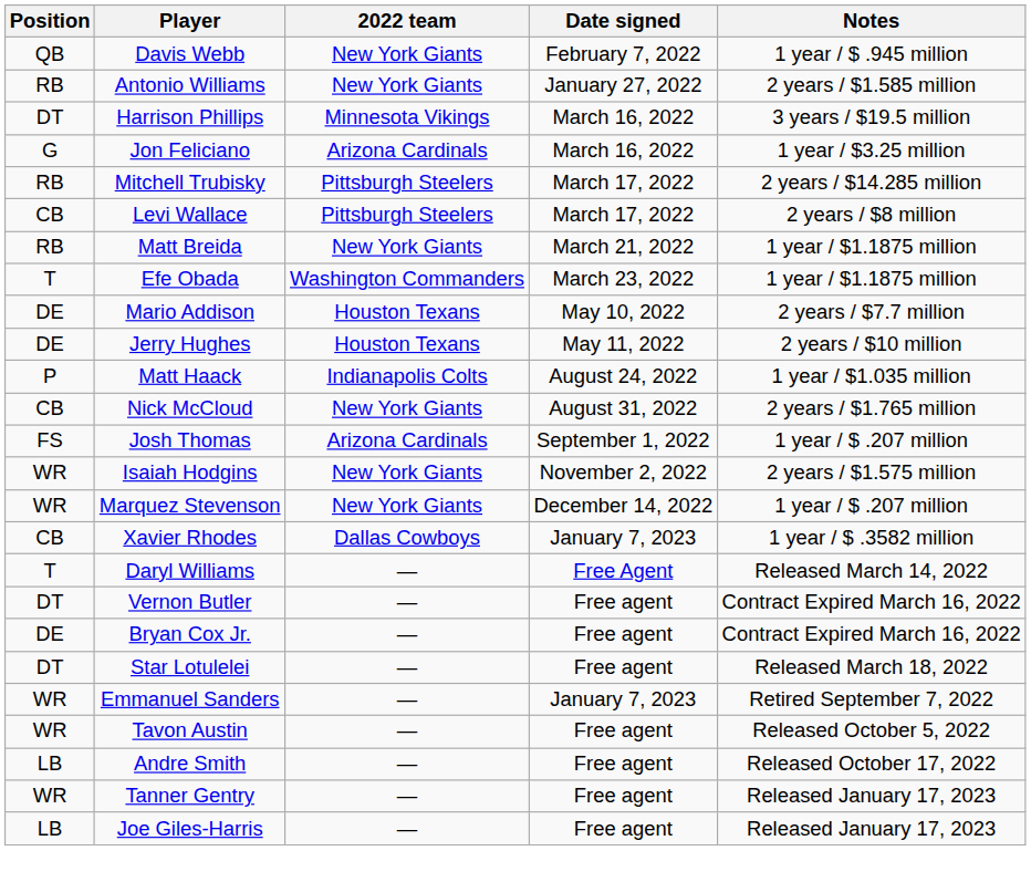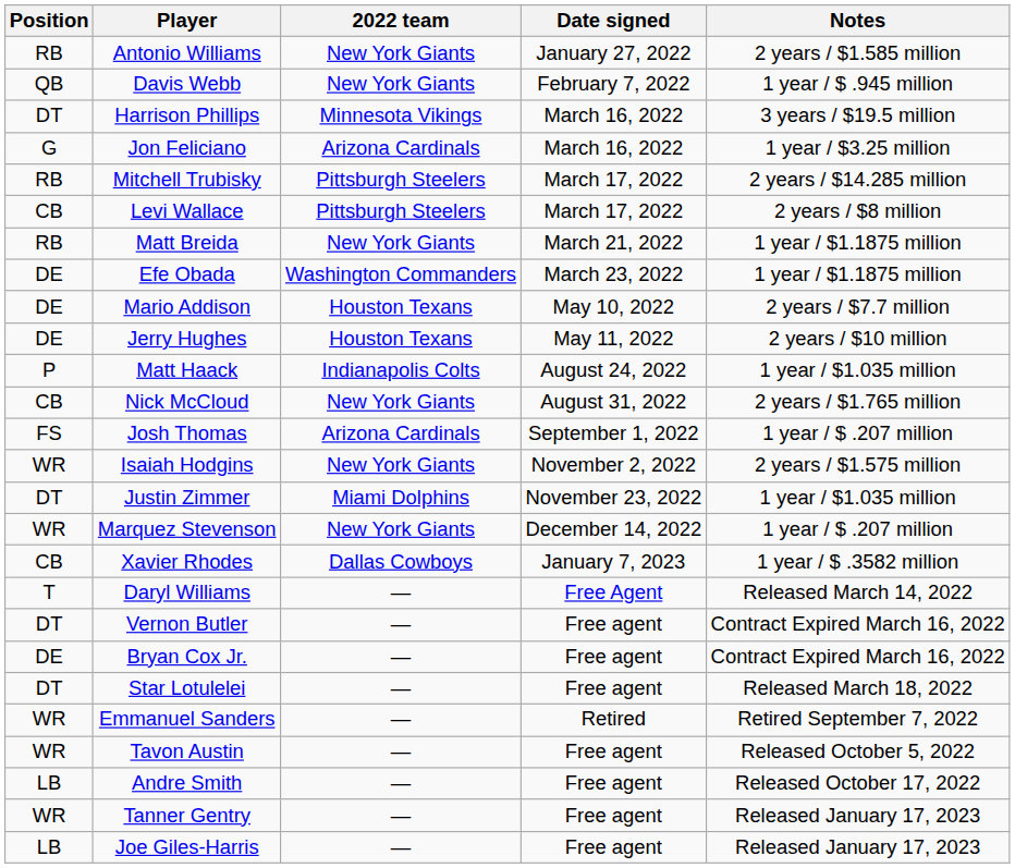 <table class="wikitable sortable" style="text-align:center">
 <tr>
 <th>Position</th>
 <th>Player</th>
 <th>2022 team</th>
 <th>Date signed</th>
 <th>Notes</th>
 </tr>
 <tr>
+<td>RB</td>
+<td><a href='#'>Antonio Williams</a></td>
+<td><a href='#'>New York Giants</a></td>
+<td>January 27, 2022</td>
+<td>2 years / $1.585 million</td>
+</tr>
+<tr>
 <td>QB</td>
 <td><a href='#'>Davis Webb</a></td>
 <td><a href='#'>New York Giants</a></td>
 <td>February 7, 2022</td>
 <td>1 year / $ .945 million</td>
-</tr>
-<tr>
-<td>RB</td>
-<td><a href='#'>Antonio Williams</a></td>
-<td><a href='#'>New York Giants</a></td>
-<td>January 27, 2022</td>
-<td>2 years / $1.585 million</td>
 </tr>
 <tr>
 <td>DT</td>
 <td><a href='#'>Harrison Phillips</a></td>
 <td><a href='#'>Minnesota Vikings</a></td>
 <td>March 16, 2022</td>
 <td>3 years / $19.5 million</td>
 </tr>
 <tr>
 <td>G</td>
 <td><a href='#'>Jon Feliciano</a></td>
 <td><a href='#'>Arizona Cardinals</a></td>
 <td>March 16, 2022</td>
 <td>1 year / $3.25 million</td>
 </tr>
 <tr>
 <td>RB</td>
 <td><a href='#'>Mitchell Trubisky</a></td>
 <td><a href='#'>Pittsburgh Steelers</a></td>
 <td>March 17, 2022</td>
 <td>2 years / $14.285 million</td>
 </tr>
 <tr>
 <td>CB</td>
 <td><a href='#'>Levi Wallace</a></td>
 <td><a href='#'>Pittsburgh Steelers</a></td>
 <td>March 17, 2022</td>
 <td>2 years / $8 million</td>
 </tr>
 <tr>
 <td>RB</td>
 <td><a href='#'>Matt Breida</a></td>
 <td><a href='#'>New York Giants</a></td>
 <td>March 21, 2022</td>
 <td>1 year / $1.1875 million</td>
 </tr>
 <tr>
-<td>T</td>
+<td>DE</td>
 <td><a href='#'>Efe Obada</a></td>
 <td><a href='#'>Washington Commanders</a></td>
 <td>March 23, 2022</td>
 <td>1 year / $1.1875 million</td>
 </tr>
 <tr>
 <td>DE</td>
 <td><a href='#'>Mario Addison</a></td>
 <td><a href='#'>Houston Texans</a></td>
 <td>May 10, 2022</td>
 <td>2 years / $7.7 million</td>
 </tr>
 <tr>
 <td>DE</td>
 <td><a href='#'>Jerry Hughes</a></td>
 <td><a href='#'>Houston Texans</a></td>
 <td>May 11, 2022</td>
 <td>2 years / $10 million</td>
 </tr>
 <tr>
 <td>P</td>
 <td><a href='#'>Matt Haack</a></td>
 <td><a href='#'>Indianapolis Colts</a></td>
 <td>August 24, 2022</td>
 <td>1 year / $1.035 million</td>
 </tr>
 <tr>
 <td>CB</td>
 <td><a href='#'>Nick McCloud</a></td>
 <td><a href='#'>New York Giants</a></td>
 <td>August 31, 2022</td>
 <td>2 years / $1.765 million</td>
 </tr>
 <tr>
 <td>FS</td>
 <td><a href='#'>Josh Thomas</a></td>
 <td><a href='#'>Arizona Cardinals</a></td>
 <td>September 1, 2022</td>
 <td>1 year / $ .207 million<br></td>
 </tr>
 <tr>
 <td>WR</td>
 <td><a href='#'>Isaiah Hodgins</a></td>
 <td><a href='#'>New York Giants</a></td>
 <td>November 2, 2022</td>
 <td>2 years / $1.575 million</td>
 </tr>
 <tr>
+<td>DT</td>
+<td><a href='#'>Justin Zimmer</a></td>
+<td><a href='#'>Miami Dolphins</a></td>
+<td>November 23, 2022</td>
+<td>1 year / $1.035 million</td>
+</tr>
+<tr>
 <td>WR</td>
 <td><a href='#'>Marquez Stevenson</a></td>
 <td><a href='#'>New York Giants</a></td>
 <td>December 14, 2022</td>
 <td>1 year / $ .207 million</td>
 </tr>
 <tr>
 <td>CB</td>
 <td><a href='#'>Xavier Rhodes</a></td>
 <td><a href='#'>Dallas Cowboys</a></td>
 <td>January 7, 2023</td>
 <td>1 year / $ .3582 million<br> </td>
 </tr>
 <tr>
 <td>T</td>
 <td><a href='#'>Daryl Williams</a></td>
 <td>—</td>
 <td><a href='#'>Free Agent</a></td>
 <td>Released March 14, 2022</td>
 </tr>
 <tr>
 <td>DT</td>
 <td><a href='#'>Vernon Butler</a></td>
 <td>—</td>
 <td>Free agent</td>
 <td>Contract Expired March 16, 2022</td>
 </tr>
 <tr>
 <td>DE</td>
 <td><a href='#'>Bryan Cox Jr.</a></td>
 <td>—</td>
 <td>Free agent</td>
 <td>Contract Expired March 16, 2022</td>
 </tr>
 <tr>
 <td>DT</td>
 <td><a href='#'>Star Lotulelei</a></td>
 <td>—</td>
 <td>Free agent</td>
 <td>Released March 18, 2022<br></td>
 </tr>
 <tr>
 <td>WR</td>
 <td><a href='#'>Emmanuel Sanders</a></td>
 <td>—</td>
-<td>January 7, 2023</td>
+<td>Retired</td>
 <td>Retired September 7, 2022</td>
 </tr>
 <tr>
 <td>WR</td>
 <td><a href='#'>Tavon Austin</a></td>
 <td>—</td>
 <td>Free agent</td>
 <td>Released October 5, 2022</td>
 </tr>
 <tr>
 <td>LB</td>
 <td><a href='#'>Andre Smith</a></td>
 <td>—</td>
 <td>Free agent</td>
 <td>Released October 17, 2022<br></td>
 </tr>
 <tr>
 <td>WR</td>
 <td><a href='#'>Tanner Gentry</a></td>
 <td>—</td>
 <td>Free agent</td>
 <td>Released January 17, 2023</td>
 </tr>
 <tr>
 <td>LB</td>
 <td><a href='#'>Joe Giles-Harris</a></td>
 <td>—</td>
 <td>Free agent</td>
 <td>Released January 17, 2023</td>
 </tr>
 </table>
